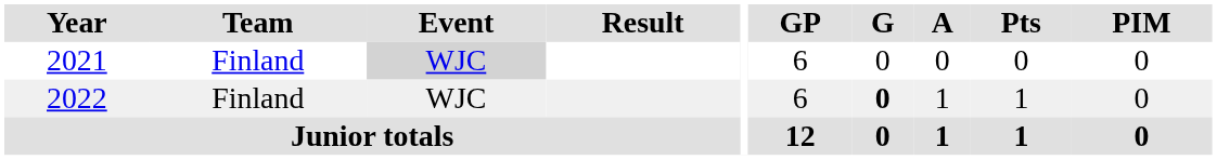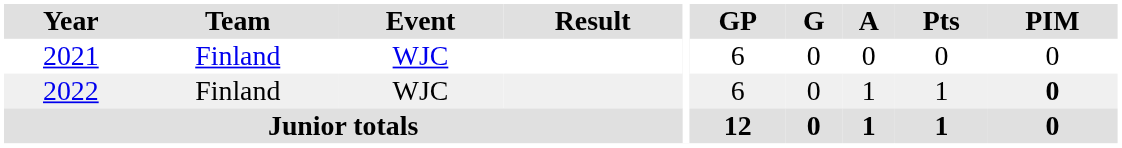 <table border="0" cellpadding="1" cellspacing="0" ID="Table3" style="text-align:center; width:40em;">
 <tr bgcolor="#e0e0e0">
 <th>Year</th>
 <th>Team</th>
 <th>Event</th>
 <th>Result</th>
 <th rowspan="99" bgcolor="#ffffff"></th>
 <th>GP</th>
 <th>G</th>
 <th>A</th>
 <th>Pts</th>
 <th>PIM</th>
 </tr>
 <tr>
 <td><a href='#'>2021</a></td>
 <td><a href='#'>Finland</a></td>
-<td style="background: lightgrey;"><a href='#'>WJC</a></td>
+<td><a href='#'>WJC</a></td>
 <td></td>
 <td>6</td>
 <td>0</td>
 <td>0</td>
 <td>0</td>
 <td>0</td>
 </tr>
 <tr bgcolor="#f0f0f0">
 <td><a href='#'>2022</a></td>
 <td>Finland</td>
 <td>WJC</td>
 <td></td>
 <td>6</td>
-<td><strong>0</strong></td>
+<td>0</td>
 <td>1</td>
 <td>1</td>
-<td>0</td>
+<td><strong>0</strong></td>
 </tr>
 <tr bgcolor="#e0e0e0">
 <th colspan="4">Junior totals</th>
 <th>12</th>
 <th>0</th>
 <th>1</th>
 <th>1</th>
 <th>0</th>
 </tr>
 </table>
